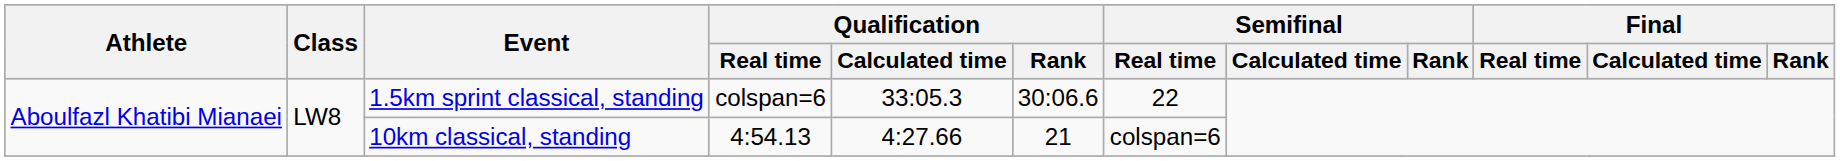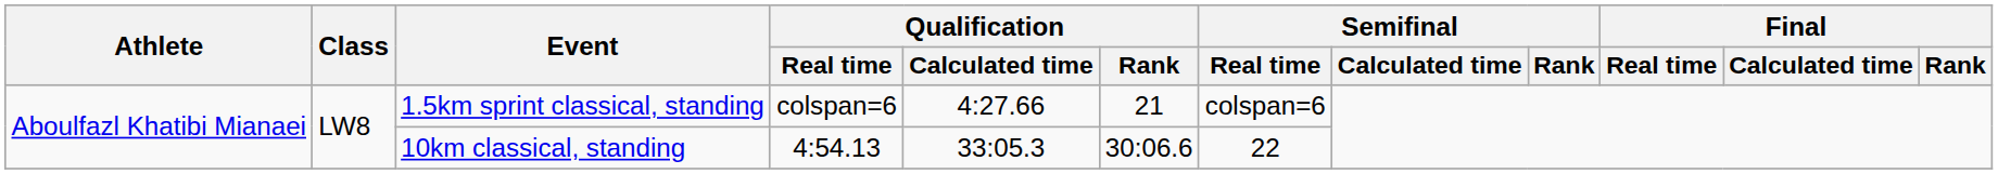 <table class=wikitable style="font-size:90%">
 <tr>
 <th rowspan=2>Athlete</th>
 <th rowspan=2>Class</th>
 <th rowspan=2>Event</th>
 <th colspan=3>Qualification</th>
 <th colspan=3>Semifinal</th>
 <th colspan=3>Final</th>
 </tr>
 <tr style="font-size:95%">
 <th>Real time</th>
 <th>Calculated time</th>
 <th>Rank</th>
 <th>Real time</th>
 <th>Calculated time</th>
 <th>Rank</th>
 <th>Real time</th>
 <th>Calculated time</th>
 <th>Rank</th>
 </tr>
 <tr>
 <td rowspan=2><a href='#'>Aboulfazl Khatibi Mianaei</a></td>
 <td rowspan=2>LW8</td>
 <td><a href='#'>1.5km sprint classical, standing</a></td>
 <td>colspan=6 </td>
+<td align="center">4:27.66</td>
+<td align="center">21</td>
+<td>colspan=6 </td>
+</tr>
+<tr>
+<td><a href='#'>10km classical, standing</a></td>
+<td align="center">4:54.13</td>
 <td align="center">33:05.3</td>
 <td align="center">30:06.6</td>
 <td align="center">22</td>
 </tr>
-<tr>
-<td><a href='#'>10km classical, standing</a></td>
-<td align="center">4:54.13</td>
-<td align="center">4:27.66</td>
-<td align="center">21</td>
-<td>colspan=6 </td>
-</tr>
 </table>
